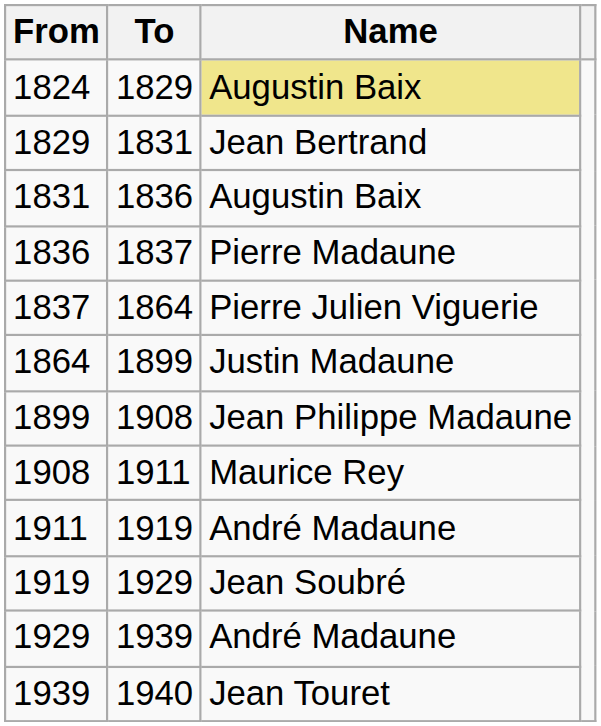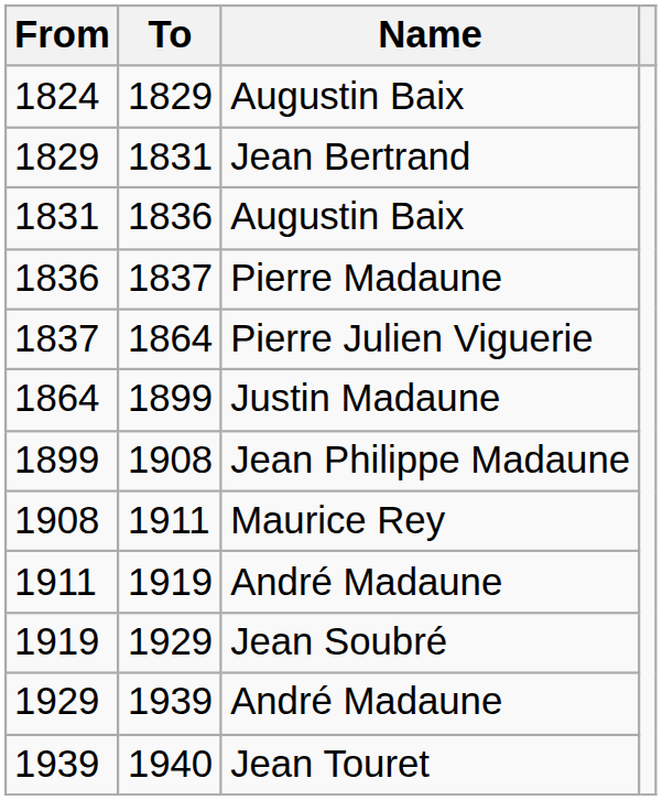 <table class="wikitable">
 <tr>
 <th>From</th>
 <th>To</th>
 <th>Name</th>
 <th></th>
 </tr>
 <tr>
 <td>1824</td>
 <td>1829</td>
-<td style="background: khaki;">Augustin Baix</td>
+<td>Augustin Baix</td>
 </tr>
 <tr>
 <td>1829</td>
 <td>1831</td>
 <td>Jean Bertrand</td>
 </tr>
 <tr>
 <td>1831</td>
 <td>1836</td>
 <td>Augustin Baix</td>
 </tr>
 <tr>
 <td>1836</td>
 <td>1837</td>
 <td>Pierre Madaune</td>
 </tr>
 <tr>
 <td>1837</td>
 <td>1864</td>
 <td>Pierre Julien Viguerie</td>
 </tr>
 <tr>
 <td>1864</td>
 <td>1899</td>
 <td>Justin Madaune</td>
 </tr>
 <tr>
 <td>1899</td>
 <td>1908</td>
 <td>Jean Philippe Madaune</td>
 </tr>
 <tr>
 <td>1908</td>
 <td>1911</td>
 <td>Maurice Rey</td>
 </tr>
 <tr>
 <td>1911</td>
 <td>1919</td>
 <td>André Madaune</td>
 </tr>
 <tr>
 <td>1919</td>
 <td>1929</td>
 <td>Jean Soubré</td>
 </tr>
 <tr>
 <td>1929</td>
 <td>1939</td>
 <td>André Madaune</td>
 </tr>
 <tr>
 <td>1939</td>
 <td>1940</td>
 <td>Jean Touret</td>
 </tr>
 </table>
